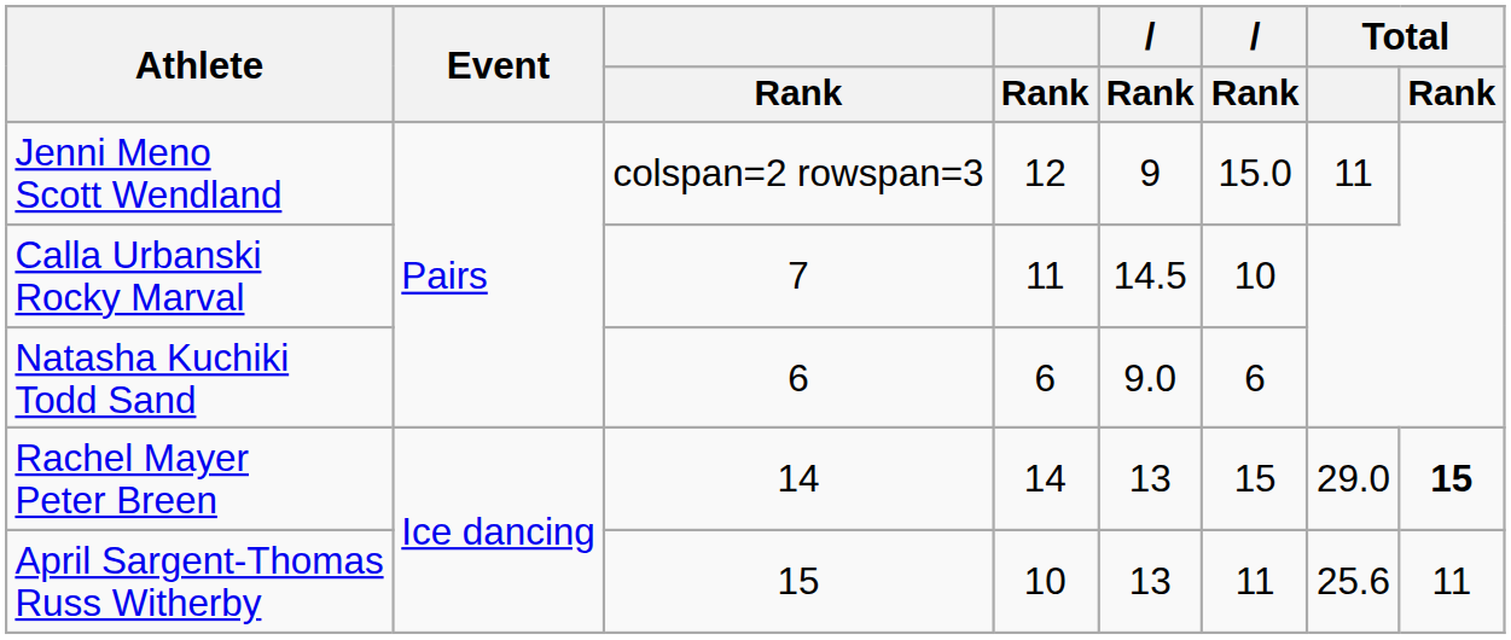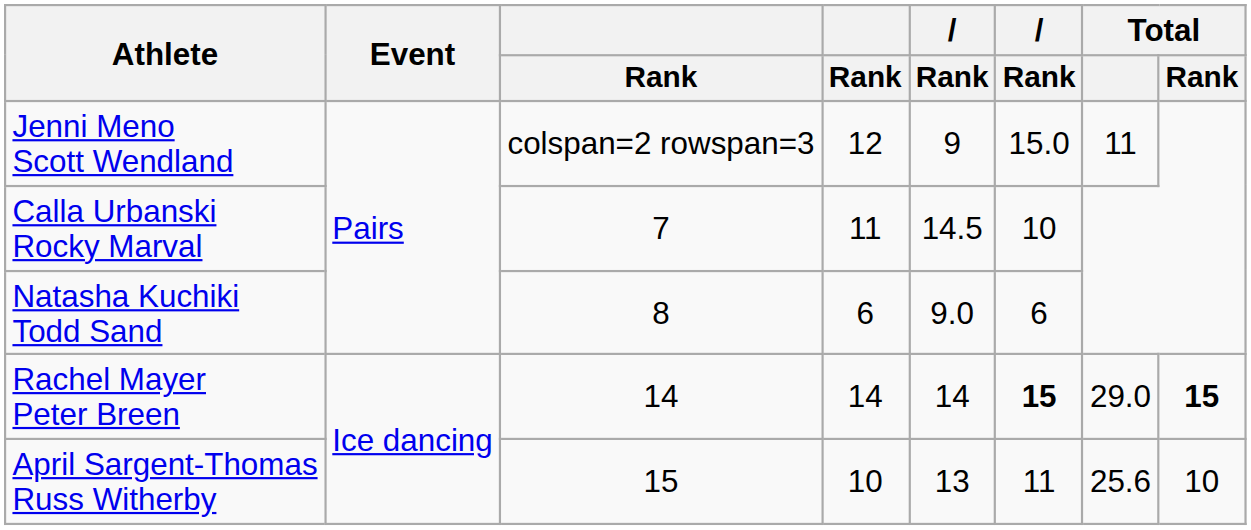 <table class=wikitable style=font-size:90%;text-align:center>
 <tr>
 <th rowspan=2>Athlete</th>
 <th rowspan=2>Event</th>
 <th></th>
 <th></th>
 <th> / </th>
 <th> / </th>
 <th colspan=2>Total</th>
 </tr>
 <tr style=font-size:95%>
 <th>Rank</th>
 <th>Rank</th>
 <th>Rank</th>
 <th>Rank</th>
 <th></th>
 <th>Rank</th>
 </tr>
 <tr>
 <td align=left><a href='#'>Jenni Meno</a><br><a href='#'>Scott Wendland</a></td>
 <td align=left rowspan=3><a href='#'>Pairs</a></td>
 <td>colspan=2 rowspan=3 </td>
 <td>12</td>
 <td>9</td>
 <td>15.0</td>
 <td>11</td>
 </tr>
 <tr>
 <td align=left><a href='#'>Calla Urbanski</a><br><a href='#'>Rocky Marval</a></td>
 <td>7</td>
 <td>11</td>
 <td>14.5</td>
 <td>10</td>
 </tr>
 <tr>
 <td align=left><a href='#'>Natasha Kuchiki</a><br><a href='#'>Todd Sand</a></td>
-<td>6</td>
+<td>8</td>
 <td>6</td>
 <td>9.0</td>
 <td>6</td>
 </tr>
 <tr>
 <td align=left><a href='#'>Rachel Mayer</a><br><a href='#'>Peter Breen</a></td>
 <td align=left rowspan=2><a href='#'>Ice dancing</a></td>
 <td>14</td>
 <td>14</td>
-<td>13</td>
-<td>15</td>
+<td>14</td>
+<td><strong>15</strong></td>
 <td>29.0</td>
 <td><strong>15</strong></td>
 </tr>
 <tr>
 <td align=left><a href='#'>April Sargent-Thomas</a><br><a href='#'>Russ Witherby</a></td>
 <td>15</td>
 <td>10</td>
 <td>13</td>
 <td>11</td>
 <td>25.6</td>
-<td>11</td>
+<td>10</td>
 </tr>
 </table>
